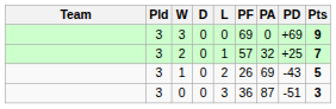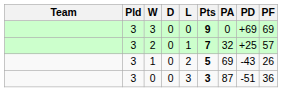 <table class="wikitable" style="text-align:center;">
 <tr>
 <th width=175>Team</th>
 <th width=20 abbr="Played">Pld</th>
 <th width=20 abbr="Won">W</th>
 <th width=20 abbr="Drawn">D</th>
 <th width=20 abbr="Lost">L</th>
-<th width=20 abbr="Points for">PF</th>
+<th width=20 abbr="Points">Pts</th>
 <th width=20 abbr="Points against">PA</th>
 <th width=25 abbr="Points difference">PD</th>
-<th width=20 abbr="Points">Pts</th>
+<th width=20 abbr="Points for">PF</th>
 </tr>
 <tr bgcolor=ccffcc>
 <td style="text-align:left;"></td>
 <td>3</td>
 <td>3</td>
 <td>0</td>
 <td>0</td>
-<td>69</td>
+<td><strong>9</strong></td>
 <td>0</td>
 <td>+69</td>
-<td><strong>9</strong></td>
+<td>69</td>
 </tr>
 <tr bgcolor=ccffcc>
 <td style="text-align:left;"></td>
 <td>3</td>
 <td>2</td>
 <td>0</td>
 <td>1</td>
-<td>57</td>
+<td><strong>7</strong></td>
 <td>32</td>
 <td>+25</td>
-<td><strong>7</strong></td>
+<td>57</td>
 </tr>
 <tr>
 <td style="text-align:left;"></td>
 <td>3</td>
 <td>1</td>
 <td>0</td>
 <td>2</td>
-<td>26</td>
+<td><strong>5</strong></td>
 <td>69</td>
 <td>-43</td>
-<td><strong>5</strong></td>
+<td>26</td>
 </tr>
 <tr>
 <td style="text-align:left;"></td>
 <td>3</td>
 <td>0</td>
 <td>0</td>
 <td>3</td>
-<td>36</td>
+<td><strong>3</strong></td>
 <td>87</td>
 <td>-51</td>
-<td><strong>3</strong></td>
+<td>36</td>
 </tr>
 </table>
